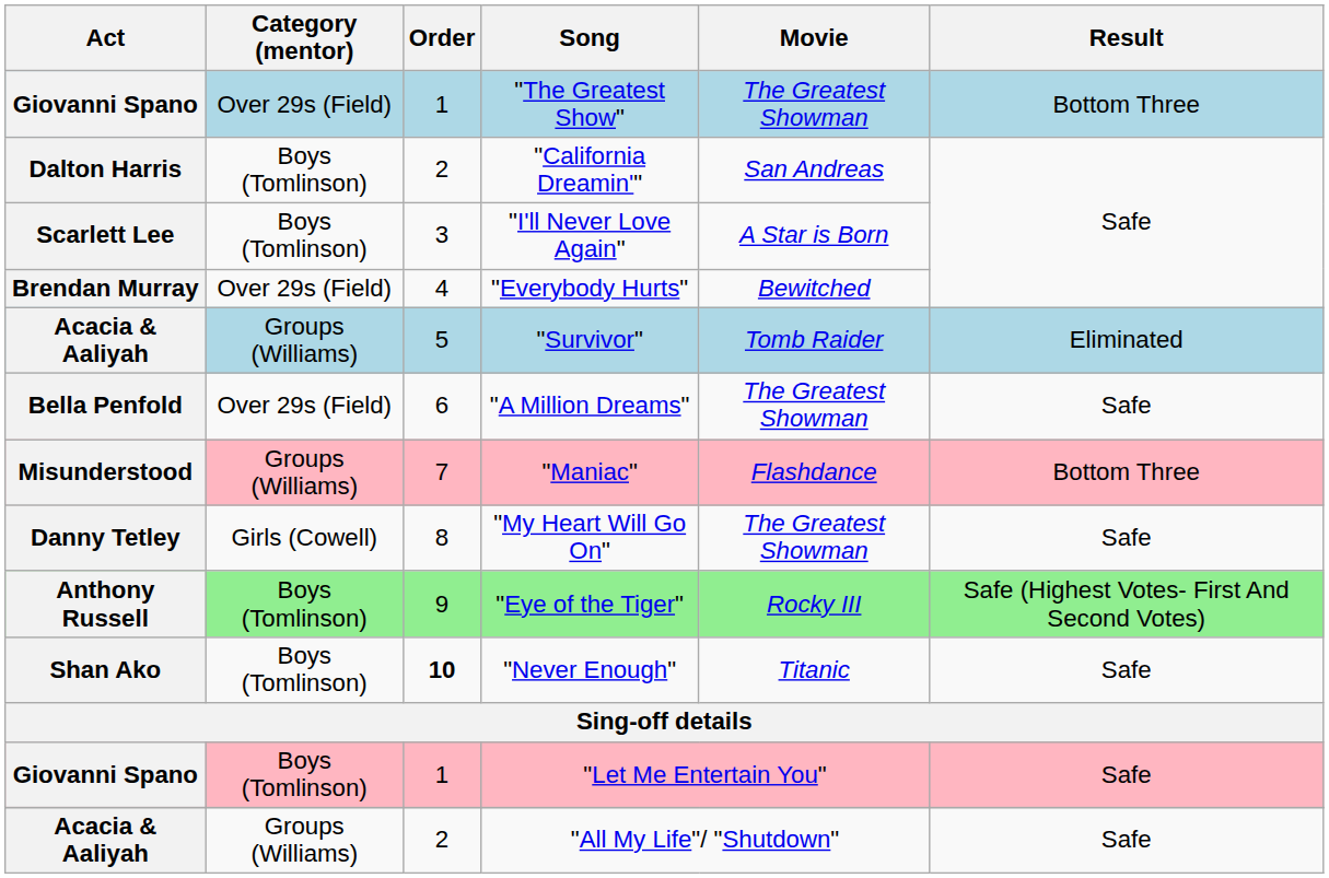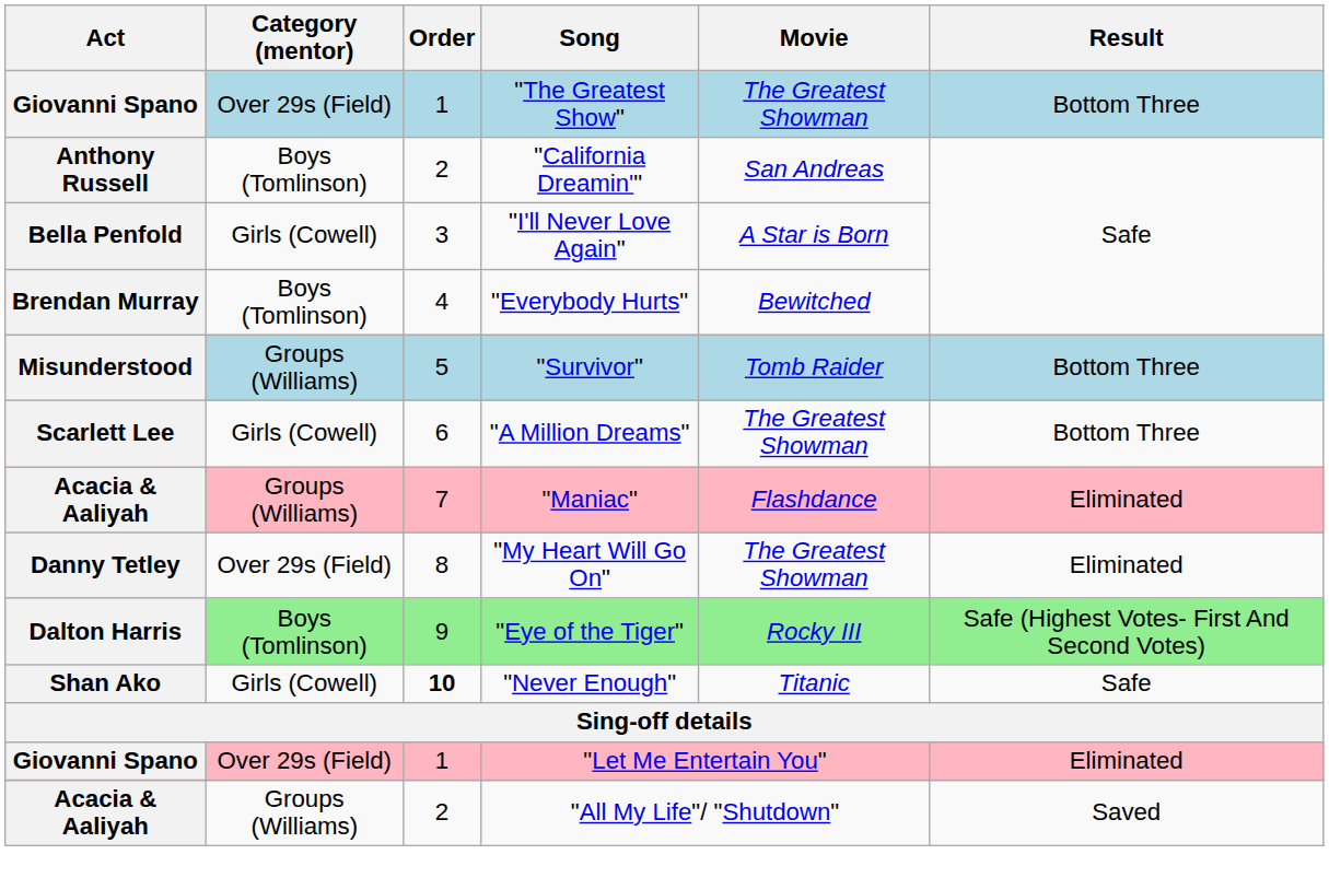 <table class="wikitable plainrowheaders" style="text-align:center;">
 <tr>
 <th scope="col">Act</th>
 <th scope="col">Category (mentor)</th>
 <th scope="col">Order</th>
 <th scope="col">Song</th>
 <th scope="col">Movie</th>
 <th scope="col">Result</th>
 </tr>
 <tr style="background:lightblue;">
 <th scope="row">Giovanni Spano</th>
 <td>Over 29s (Field)</td>
 <td>1</td>
 <td>"<a href='#'>The Greatest Show</a>"</td>
 <td><em><a href='#'>The Greatest Showman</a></em></td>
 <td>Bottom Three</td>
 </tr>
 <tr>
-<th scope="row">Dalton Harris</th>
+<th scope="row">Anthony Russell</th>
 <td>Boys (Tomlinson)</td>
 <td>2</td>
 <td>"<a href='#'>California Dreamin'</a>"</td>
 <td><em><a href='#'>San Andreas</a></em></td>
 <td rowspan=3>Safe</td>
 </tr>
 <tr>
-<th scope="row">Scarlett Lee</th>
-<td>Boys (Tomlinson)</td>
+<th scope="row">Bella Penfold</th>
+<td>Girls (Cowell)</td>
 <td>3</td>
 <td>"<a href='#'>I'll Never Love Again</a>"</td>
 <td><em><a href='#'>A Star is Born</a></em></td>
 </tr>
 <tr>
 <th scope="row">Brendan Murray</th>
-<td>Over 29s (Field)</td>
+<td>Boys (Tomlinson)</td>
 <td>4</td>
 <td>"<a href='#'>Everybody Hurts</a>"</td>
 <td><em><a href='#'>Bewitched</a></em></td>
 </tr>
 <tr style="background:lightblue;">
-<th scope="row">Acacia & Aaliyah</th>
+<th scope="row">Misunderstood</th>
 <td>Groups (Williams)</td>
 <td>5</td>
 <td>"<a href='#'>Survivor</a>"</td>
 <td><em><a href='#'>Tomb Raider</a></em></td>
-<td>Eliminated</td>
+<td>Bottom Three</td>
 </tr>
 <tr>
-<th scope="row">Bella Penfold</th>
-<td>Over 29s (Field)</td>
+<th scope="row">Scarlett Lee</th>
+<td>Girls (Cowell)</td>
 <td>6</td>
 <td>"<a href='#'>A Million Dreams</a>"</td>
 <td><em><a href='#'>The Greatest Showman</a></em></td>
-<td>Safe</td>
+<td>Bottom Three</td>
 </tr>
 <tr style="background:lightpink;">
-<th scope="row">Misunderstood</th>
+<th scope="row">Acacia & Aaliyah</th>
 <td>Groups (Williams)</td>
 <td>7</td>
 <td>"<a href='#'>Maniac</a>"</td>
 <td><em><a href='#'>Flashdance</a></em></td>
-<td>Bottom Three</td>
+<td>Eliminated</td>
 </tr>
 <tr>
 <th scope="row">Danny Tetley</th>
-<td>Girls (Cowell)</td>
+<td>Over 29s (Field)</td>
 <td>8</td>
 <td>"<a href='#'>My Heart Will Go On</a>"</td>
 <td><em><a href='#'>The Greatest Showman</a></em></td>
-<td>Safe</td>
+<td>Eliminated</td>
 </tr>
 <tr style="background:lightgreen;">
-<th scope="row">Anthony Russell</th>
+<th scope="row">Dalton Harris</th>
 <td>Boys (Tomlinson)</td>
 <td>9</td>
 <td>"<a href='#'>Eye of the Tiger</a>"</td>
 <td><em><a href='#'>Rocky III</a></em></td>
 <td>Safe (Highest Votes- First And Second Votes)</td>
 </tr>
 <tr>
 <th scope="row">Shan Ako</th>
-<td>Boys (Tomlinson)</td>
+<td>Girls (Cowell)</td>
 <td><strong>10</strong></td>
 <td>"<a href='#'>Never Enough</a>"</td>
 <td><em><a href='#'>Titanic</a></em></td>
 <td>Safe</td>
 </tr>
 <tr>
 <th colspan="6">Sing-off details</th>
 </tr>
 <tr style="background:lightpink;">
 <th scope="row">Giovanni Spano</th>
-<td>Boys (Tomlinson)</td>
+<td>Over 29s (Field)</td>
 <td>1</td>
 <td colspan="2">"<a href='#'>Let Me Entertain You</a>"</td>
-<td>Safe</td>
+<td>Eliminated</td>
 </tr>
 <tr>
 </tr>
 <tr>
 <th scope="row">Acacia & Aaliyah</th>
 <td>Groups (Williams)</td>
 <td>2</td>
 <td colspan="2">"<a href='#'>All My Life</a>"/ "<a href='#'>Shutdown</a>"</td>
-<td>Safe</td>
+<td>Saved</td>
 </tr>
 </table>
